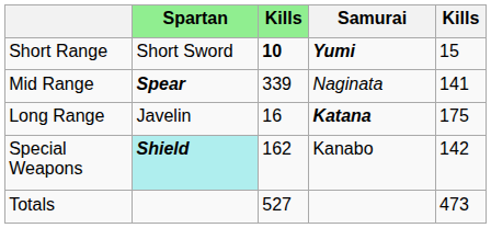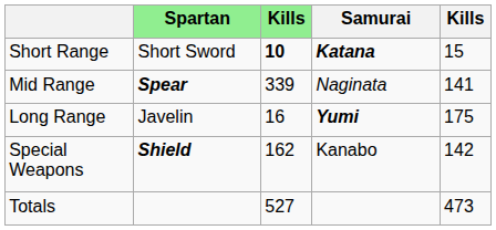 <table class="wikitable" style="text-align:left; width:440px; height:200px">
 <tr valign="top">
 <th style="width:120px;"></th>
 <th style="width:120px; background:lightgreen;">Spartan</th>
 <th style="width:40px; background:lightgreen;">Kills</th>
 <th style="width:120px;">Samurai</th>
 <th style="width:40px;">Kills</th>
 </tr>
 <tr valign="top">
 <td>Short Range</td>
 <td>Short Sword</td>
 <td><strong>10</strong></td>
-<td><strong><em>Yumi</em></strong></td>
+<td><strong><em>Katana</em></strong></td>
 <td>15</td>
 </tr>
 <tr valign="top">
 <td>Mid Range</td>
 <td><strong><em>Spear</em></strong></td>
 <td>339</td>
 <td><em>Naginata</em></td>
 <td>141</td>
 </tr>
 <tr valign="top">
 <td>Long Range</td>
 <td>Javelin</td>
 <td>16</td>
-<td><strong><em>Katana</em></strong></td>
+<td><strong><em>Yumi</em></strong></td>
 <td>175</td>
 </tr>
 <tr valign="top">
 <td>Special Weapons</td>
-<td style="background: paleturquoise;"><strong><em>Shield</em></strong></td>
+<td><strong><em>Shield</em></strong></td>
 <td>162</td>
 <td>Kanabo</td>
 <td>142</td>
 </tr>
 <tr valign="top">
 <td>Totals</td>
 <td></td>
 <td>527</td>
 <td></td>
 <td>473</td>
 </tr>
 </table>
